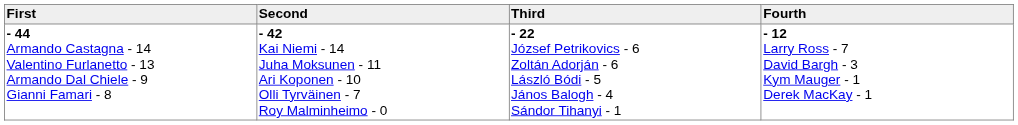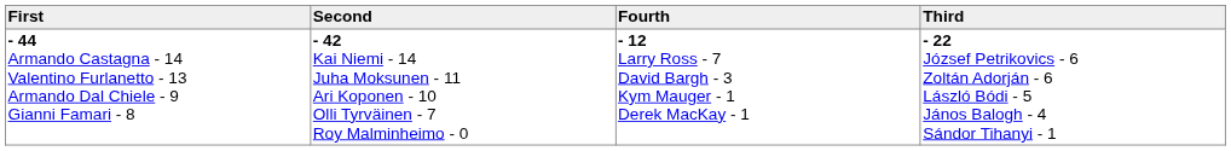 <table border=1 cellpadding=2 cellspacing=0 width=75% style="border-collapse:collapse">
 <tr align=left style="background:#efefef;">
 <th width=20%>First</th>
 <th width=20%>Second</th>
+<th width=20%>Fourth</th>
 <th width=20%>Third</th>
-<th width=20%>Fourth</th>
 </tr>
 <tr align=left>
 <td valign=top><strong> - 44</strong><br><a href='#'>Armando Castagna</a> - 14 <br><a href='#'>Valentino Furlanetto</a> - 13 <br><a href='#'>Armando Dal Chiele</a> - 9 <br><a href='#'>Gianni Famari</a> - 8</td>
 <td valign=top><strong> - 42</strong><br><a href='#'>Kai Niemi</a> - 14 <br><a href='#'>Juha Moksunen</a> - 11 <br><a href='#'>Ari Koponen</a> - 10 <br><a href='#'>Olli Tyrväinen</a> - 7 <br><a href='#'>Roy Malminheimo</a> - 0</td>
+<td valign=top><strong> - 12</strong><br><a href='#'>Larry Ross</a> - 7 <br><a href='#'>David Bargh</a> - 3 <br><a href='#'>Kym Mauger</a> - 1 <br><a href='#'>Derek MacKay</a> - 1</td>
 <td valign=top><strong> - 22</strong><br><a href='#'>József Petrikovics</a> - 6 <br><a href='#'>Zoltán Adorján</a> - 6 <br><a href='#'>László Bódi</a> - 5 <br><a href='#'>János Balogh</a> - 4 <br><a href='#'>Sándor Tihanyi</a> - 1</td>
-<td valign=top><strong> - 12</strong><br><a href='#'>Larry Ross</a> - 7 <br><a href='#'>David Bargh</a> - 3 <br><a href='#'>Kym Mauger</a> - 1 <br><a href='#'>Derek MacKay</a> - 1</td>
 </tr>
 </table>
